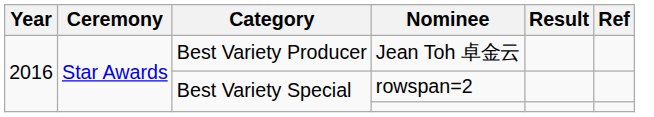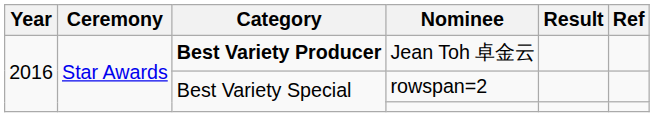 <table class="wikitable sortable">
 <tr>
 <th>Year</th>
 <th>Ceremony</th>
 <th>Category</th>
 <th>Nominee</th>
 <th class="unsortable">Result</th>
 <th>Ref</th>
 </tr>
 <tr>
 <td rowspan="3">2016</td>
 <td rowspan="3"><a href='#'>Star Awards</a></td>
-<td>Best Variety Producer</td>
+<td><strong>Best Variety Producer</strong></td>
 <td>Jean Toh 卓金云</td>
 <td></td>
 <td></td>
 </tr>
 <tr>
 <td rowspan="2">Best Variety Special</td>
 <td>rowspan=2 </td>
 <td></td>
 <td></td>
 </tr>
 <tr>
 <td></td>
 <td></td>
 </tr>
 </table>
